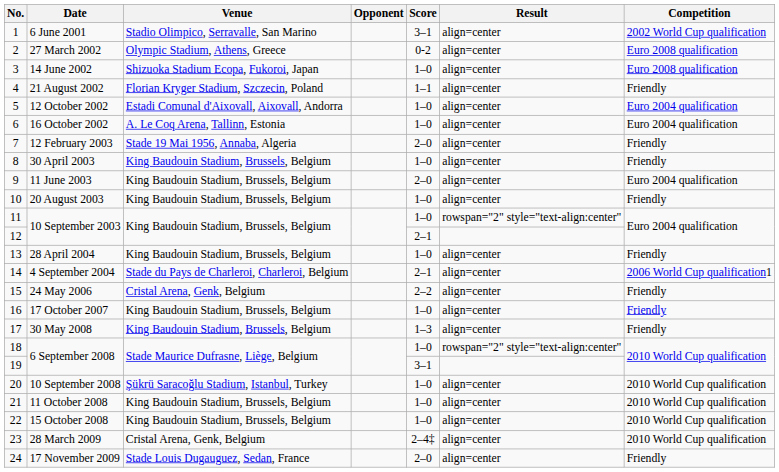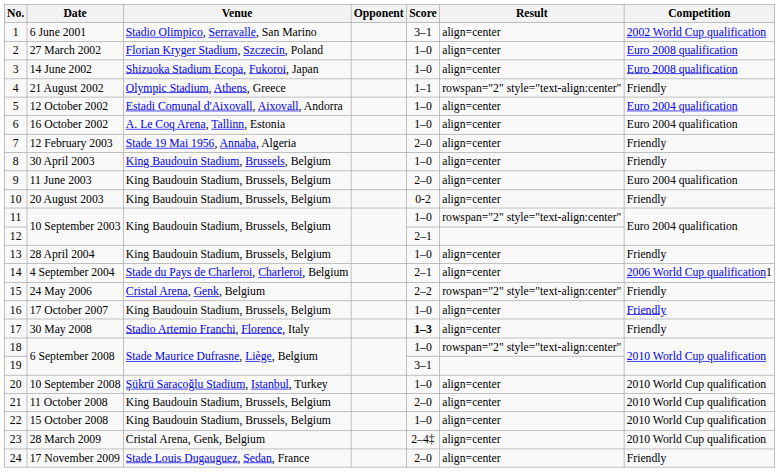 <table class="wikitable sortable">
 <tr>
 <th scope="col">No.</th>
 <th scope="col">Date</th>
 <th scope="col">Venue</th>
 <th scope="col">Opponent</th>
 <th scope="col">Score</th>
 <th scope="col">Result</th>
 <th scope="col">Competition</th>
 </tr>
 <tr>
 <td align="center">1</td>
 <td>6 June 2001</td>
 <td><a href='#'>Stadio Olimpico</a>, <a href='#'>Serravalle</a>, San Marino</td>
 <td></td>
 <td align="center">3–1</td>
 <td>align=center </td>
 <td><a href='#'>2002 World Cup qualification</a></td>
 </tr>
 <tr>
 <td align="center">2</td>
 <td>27 March 2002</td>
-<td><a href='#'>Olympic Stadium</a>, <a href='#'>Athens</a>, Greece</td>
+<td><a href='#'>Florian Kryger Stadium</a>, <a href='#'>Szczecin</a>, Poland</td>
 <td></td>
-<td align="center">0-2</td>
+<td align="center">1–0</td>
 <td>align=center </td>
 <td><a href='#'>Euro 2008 qualification</a></td>
 </tr>
 <tr>
 <td align="center">3</td>
 <td>14 June 2002</td>
 <td><a href='#'>Shizuoka Stadium Ecopa</a>, <a href='#'>Fukoroi</a>, Japan</td>
 <td></td>
 <td align="center">1–0</td>
 <td>align=center </td>
 <td><a href='#'>Euro 2008 qualification</a></td>
 </tr>
 <tr>
 <td align="center">4</td>
 <td>21 August 2002</td>
-<td><a href='#'>Florian Kryger Stadium</a>, <a href='#'>Szczecin</a>, Poland</td>
+<td><a href='#'>Olympic Stadium</a>, <a href='#'>Athens</a>, Greece</td>
 <td></td>
 <td align="center">1–1</td>
-<td>align=center </td>
+<td>rowspan="2" style="text-align:center" </td>
 <td>Friendly</td>
 </tr>
 <tr>
 <td align="center">5</td>
 <td>12 October 2002</td>
 <td><a href='#'>Estadi Comunal d'Aixovall</a>, <a href='#'>Aixovall</a>, Andorra</td>
 <td></td>
 <td align="center">1–0</td>
 <td>align=center </td>
 <td><a href='#'>Euro 2004 qualification</a></td>
 </tr>
 <tr>
 <td align="center">6</td>
 <td>16 October 2002</td>
 <td><a href='#'>A. Le Coq Arena</a>, <a href='#'>Tallinn</a>, Estonia</td>
 <td></td>
 <td align="center">1–0</td>
 <td>align=center </td>
 <td>Euro 2004 qualification</td>
 </tr>
 <tr>
 <td align="center">7</td>
 <td>12 February 2003</td>
 <td><a href='#'>Stade 19 Mai 1956</a>, <a href='#'>Annaba</a>, Algeria</td>
 <td></td>
 <td align="center">2–0</td>
 <td>align=center </td>
 <td>Friendly</td>
 </tr>
 <tr>
 <td align="center">8</td>
 <td>30 April 2003</td>
 <td><a href='#'>King Baudouin Stadium</a>, <a href='#'>Brussels</a>, Belgium</td>
 <td></td>
 <td align="center">1–0</td>
 <td>align=center </td>
 <td>Friendly</td>
 </tr>
 <tr>
 <td align="center">9</td>
 <td>11 June 2003</td>
 <td>King Baudouin Stadium, Brussels, Belgium</td>
 <td></td>
 <td align="center">2–0</td>
 <td>align=center </td>
 <td>Euro 2004 qualification</td>
 </tr>
 <tr>
 <td align="center">10</td>
 <td>20 August 2003</td>
 <td>King Baudouin Stadium, Brussels, Belgium</td>
 <td></td>
-<td align="center">1–0</td>
+<td align="center">0-2</td>
 <td>align=center </td>
 <td>Friendly</td>
 </tr>
 <tr>
 <td align="center">11</td>
 <td rowspan="2">10 September 2003</td>
 <td rowspan="2">King Baudouin Stadium, Brussels, Belgium</td>
 <td rowspan="2"></td>
 <td align="center">1–0</td>
 <td>rowspan="2" style="text-align:center" </td>
 <td rowspan="2">Euro 2004 qualification</td>
 </tr>
 <tr>
 <td align="center">12</td>
 <td align="center">2–1</td>
 </tr>
 <tr>
 <td align="center">13</td>
 <td>28 April 2004</td>
 <td>King Baudouin Stadium, Brussels, Belgium</td>
 <td></td>
 <td align="center">1–0</td>
 <td>align=center </td>
 <td>Friendly</td>
 </tr>
 <tr>
 <td align="center">14</td>
 <td>4 September 2004</td>
 <td><a href='#'>Stade du Pays de Charleroi</a>, <a href='#'>Charleroi</a>, Belgium</td>
 <td></td>
 <td align="center">2–1</td>
 <td>align=center </td>
 <td><a href='#'>2006 World Cup qualification</a>1</td>
 </tr>
 <tr>
 <td align="center">15</td>
 <td>24 May 2006</td>
 <td><a href='#'>Cristal Arena</a>, <a href='#'>Genk</a>, Belgium</td>
 <td></td>
 <td align="center">2–2</td>
-<td>align=center </td>
+<td>rowspan="2" style="text-align:center" </td>
 <td>Friendly</td>
 </tr>
 <tr>
 <td align="center">16</td>
 <td>17 October 2007</td>
 <td>King Baudouin Stadium, Brussels, Belgium</td>
 <td></td>
 <td align="center">1–0</td>
 <td>align=center </td>
 <td><a href='#'>Friendly</a></td>
 </tr>
 <tr>
 <td align="center">17</td>
 <td>30 May 2008</td>
-<td><a href='#'>King Baudouin Stadium</a>, <a href='#'>Brussels</a>, Belgium</td>
+<td><a href='#'>Stadio Artemio Franchi</a>, <a href='#'>Florence</a>, Italy</td>
 <td></td>
-<td align="center">1–3</td>
+<td align="center"><strong>1–3</strong></td>
 <td>align=center </td>
 <td>Friendly</td>
 </tr>
 <tr>
 <td align="center">18</td>
 <td rowspan="2">6 September 2008</td>
 <td rowspan="2"><a href='#'>Stade Maurice Dufrasne</a>, <a href='#'>Liège</a>, Belgium</td>
 <td rowspan="2"></td>
 <td align="center">1–0</td>
 <td>rowspan="2" style="text-align:center" </td>
 <td rowspan="2"><a href='#'>2010 World Cup qualification</a></td>
 </tr>
 <tr>
 <td align="center">19</td>
 <td align="center">3–1</td>
 </tr>
 <tr>
 <td align="center">20</td>
 <td>10 September 2008</td>
 <td><a href='#'>Şükrü Saracoğlu Stadium</a>, <a href='#'>Istanbul</a>, Turkey</td>
 <td></td>
 <td align="center">1–0</td>
 <td>align=center </td>
 <td>2010 World Cup qualification</td>
 </tr>
 <tr>
 <td align="center">21</td>
 <td>11 October 2008</td>
 <td>King Baudouin Stadium, Brussels, Belgium</td>
 <td></td>
-<td align="center">1–0</td>
+<td align="center">2–0</td>
 <td>align=center </td>
 <td>2010 World Cup qualification</td>
 </tr>
 <tr>
 <td align="center">22</td>
 <td>15 October 2008</td>
 <td>King Baudouin Stadium, Brussels, Belgium</td>
 <td></td>
 <td align="center">1–0</td>
 <td>align=center </td>
 <td>2010 World Cup qualification</td>
 </tr>
 <tr>
 <td align="center">23</td>
 <td>28 March 2009</td>
 <td>Cristal Arena, Genk, Belgium</td>
 <td></td>
 <td align="center">2–4‡</td>
 <td>align=center </td>
 <td>2010 World Cup qualification</td>
 </tr>
 <tr>
 <td align="center">24</td>
 <td>17 November 2009</td>
 <td><a href='#'>Stade Louis Dugauguez</a>, <a href='#'>Sedan</a>, France</td>
 <td></td>
 <td align="center">2–0</td>
 <td>align=center </td>
 <td>Friendly</td>
 </tr>
 </table>
